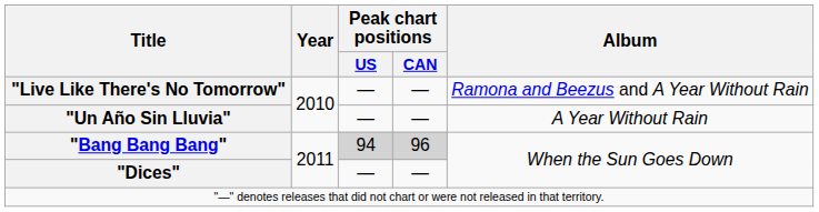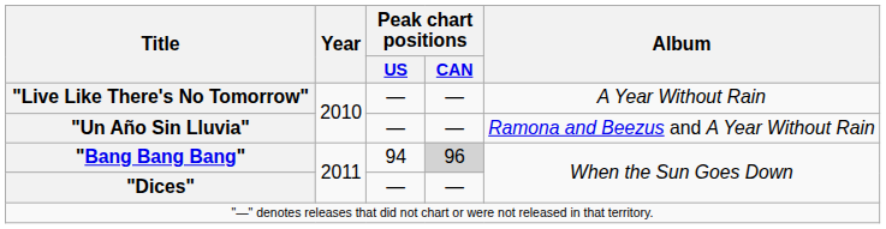 <table class="wikitable plainrowheaders" style="text-align:center;">
 <tr>
 <th scope="col" rowspan="2" style="width:16em;">Title</th>
 <th scope="col" rowspan="2">Year</th>
 <th scope="col" colspan="2">Peak chart positions</th>
 <th scope="col" rowspan="2">Album</th>
 </tr>
 <tr>
 <th style="width:3em;font-size:90%"><a href='#'>US</a><br></th>
 <th style="width:3em;font-size:90%"><a href='#'>CAN</a><br></th>
 </tr>
 <tr>
 <th scope="row">"Live Like There's No Tomorrow"</th>
 <td rowspan="2">2010</td>
 <td>—</td>
 <td>—</td>
-<td style="text-align:center;"><em><a href='#'>Ramona and Beezus</a></em> and <em>A Year Without Rain</em></td>
+<td style="text-align:center;"><em>A Year Without Rain</em></td>
 </tr>
 <tr>
 <th scope="row">"Un Año Sin Lluvia"</th>
 <td>—</td>
 <td>—</td>
-<td style="text-align:center;"><em>A Year Without Rain</em></td>
+<td style="text-align:center;"><em><a href='#'>Ramona and Beezus</a></em> and <em>A Year Without Rain</em></td>
 </tr>
 <tr>
 <th scope="row">"<a href='#'>Bang Bang Bang</a>"</th>
 <td rowspan="2">2011</td>
-<td style="background: lightgrey;">94</td>
+<td>94</td>
 <td style="background: lightgrey;">96</td>
 <td rowspan="2"><em>When the Sun Goes Down</em></td>
 </tr>
 <tr>
 <th scope="row">"Dices"</th>
 <td>—</td>
 <td>—</td>
 </tr>
 <tr>
 <td align="center" colspan="15" style="font-size:8pt">"—" denotes releases that did not chart or were not released in that territory.</td>
 </tr>
 </table>
